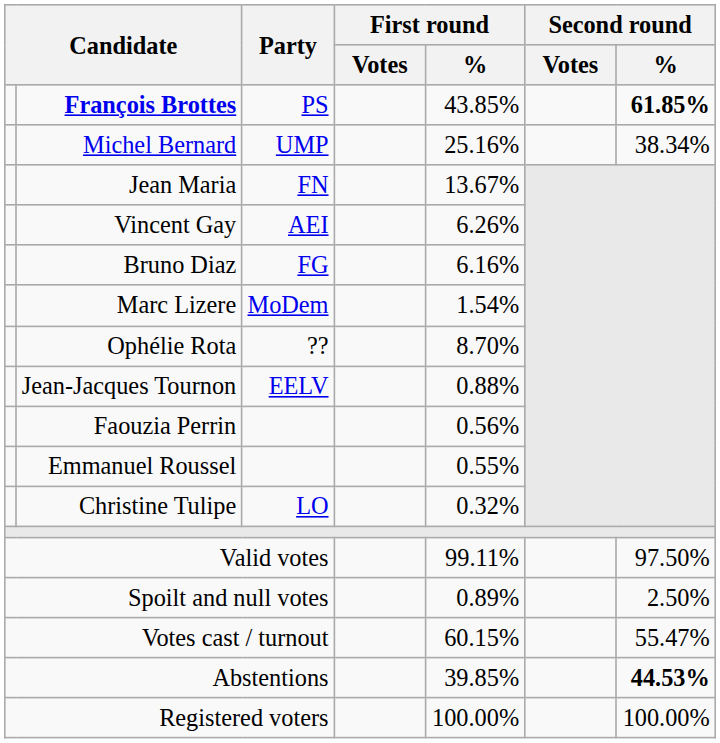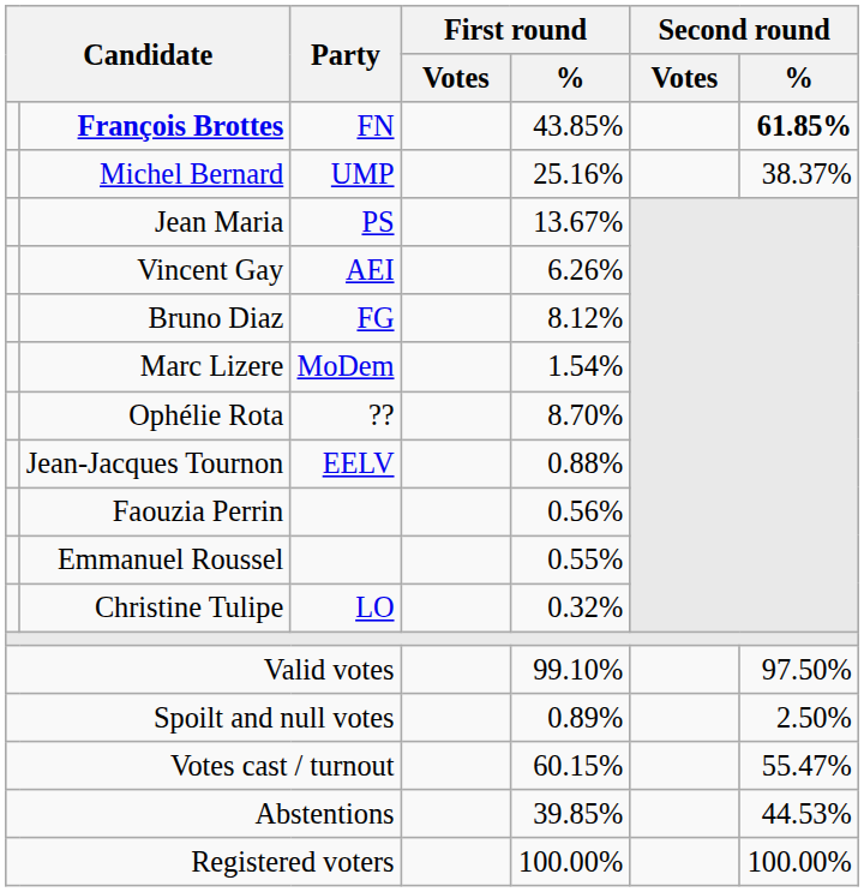 <table class="wikitable" style="text-align:right;font-size:95%;">
 <tr>
 <th rowspan=2 colspan=2>Candidate</th>
 <th rowspan=2 colspan=1>Party</th>
 <th colspan=2>First round</th>
 <th colspan=2>Second round</th>
 </tr>
 <tr>
 <th style="width:50px;">Votes</th>
 <th style="width:55px;">%</th>
 <th style="width:50px;">Votes</th>
 <th style="width:55px;">%</th>
 </tr>
 <tr>
 <td style="color:inherit;background-color:"></td>
 <td><strong><a href='#'>François Brottes</a></strong></td>
-<td><a href='#'>PS</a></td>
+<td><a href='#'>FN</a></td>
 <td></td>
 <td>43.85%</td>
 <td><strong></strong></td>
 <td><strong>61.85%</strong></td>
 </tr>
 <tr>
 <td style="color:inherit;background-color:"></td>
 <td><a href='#'>Michel Bernard</a></td>
 <td><a href='#'>UMP</a></td>
 <td></td>
 <td>25.16%</td>
 <td></td>
-<td>38.34%</td>
+<td>38.37%</td>
 </tr>
 <tr>
 <td style="color:inherit;background-color:"></td>
 <td>Jean Maria</td>
-<td><a href='#'>FN</a></td>
+<td><a href='#'>PS</a></td>
 <td></td>
 <td>13.67%</td>
 <td colspan=7 rowspan=9 style="background-color:#E9E9E9;"></td>
 </tr>
 <tr>
 <td style="color:inherit;background-color:"></td>
 <td>Vincent Gay</td>
 <td><a href='#'>AEI</a></td>
 <td></td>
 <td>6.26%</td>
 </tr>
 <tr>
 <td style="color:inherit;background-color:"></td>
 <td>Bruno Diaz</td>
 <td><a href='#'>FG</a></td>
 <td></td>
-<td>6.16%</td>
+<td>8.12%</td>
 </tr>
 <tr>
 <td style="color:inherit;background-color:"></td>
 <td>Marc Lizere</td>
 <td><a href='#'>MoDem</a></td>
 <td></td>
 <td>1.54%</td>
 </tr>
 <tr>
 <td style="color:inherit;background-color:"></td>
 <td>Ophélie Rota</td>
 <td>??</td>
 <td></td>
 <td>8.70%</td>
 </tr>
 <tr>
 <td style="color:inherit;background-color:"></td>
 <td>Jean-Jacques Tournon</td>
 <td><a href='#'>EELV</a></td>
 <td></td>
 <td>0.88%</td>
 </tr>
 <tr>
 <td style="background-color:;"></td>
 <td>Faouzia Perrin</td>
 <td></td>
 <td></td>
 <td>0.56%</td>
 </tr>
 <tr>
 <td style="background-color:;"></td>
 <td>Emmanuel Roussel</td>
 <td></td>
 <td></td>
 <td>0.55%</td>
 </tr>
 <tr>
 <td style="color:inherit;background-color:"></td>
 <td>Christine Tulipe</td>
 <td><a href='#'>LO</a></td>
 <td></td>
 <td>0.32%</td>
 </tr>
 <tr>
 <td colspan=7 style="background-color:#E9E9E9;"></td>
 </tr>
 <tr>
 <td colspan=3>Valid votes</td>
 <td></td>
-<td>99.11%</td>
+<td>99.10%</td>
 <td></td>
 <td>97.50%</td>
 </tr>
 <tr>
 <td colspan=3>Spoilt and null votes</td>
 <td></td>
 <td>0.89%</td>
 <td></td>
 <td>2.50%</td>
 </tr>
 <tr>
 <td colspan=3>Votes cast / turnout</td>
 <td></td>
 <td>60.15%</td>
 <td></td>
 <td>55.47%</td>
 </tr>
 <tr>
 <td colspan=3>Abstentions</td>
 <td></td>
 <td>39.85%</td>
 <td></td>
-<td><strong>44.53%</strong></td>
+<td>44.53%</td>
 </tr>
 <tr>
 <td colspan=3>Registered voters</td>
 <td></td>
 <td>100.00%</td>
 <td></td>
 <td>100.00%</td>
 </tr>
 </table>
